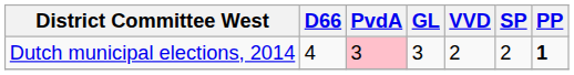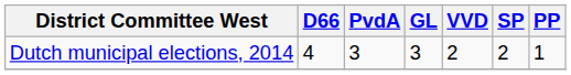 <table class="wikitable">
 <tr>
 <th>District Committee West</th>
 <th><a href='#'>D66</a></th>
 <th><a href='#'>PvdA</a></th>
 <th><a href='#'>GL</a></th>
 <th><a href='#'>VVD</a></th>
 <th><a href='#'>SP</a></th>
 <th><a href='#'>PP</a></th>
 </tr>
 <tr>
 <td><a href='#'>Dutch municipal elections, 2014</a></td>
 <td>4</td>
-<td style="background: pink;">3</td>
+<td>3</td>
 <td>3</td>
 <td>2</td>
 <td>2</td>
-<td><strong>1</strong></td>
+<td>1</td>
 </tr>
 <tr>
 </tr>
 </table>
